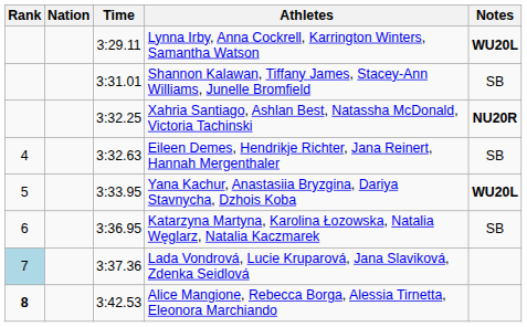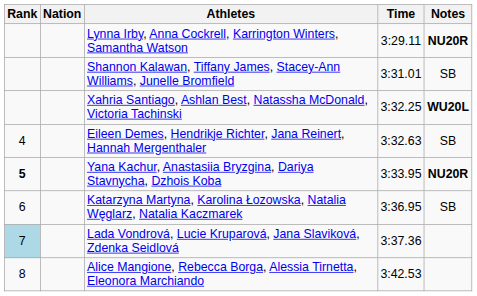 <table class="wikitable sortable" style="text-align:center">
 <tr>
 <th>Rank</th>
 <th>Nation</th>
+<th>Athletes</th>
 <th>Time</th>
-<th>Athletes</th>
 <th>Notes</th>
 </tr>
 <tr>
 <td></td>
 <td align=left></td>
+<td align=left><a href='#'>Lynna Irby</a>, <a href='#'>Anna Cockrell</a>, <a href='#'>Karrington Winters</a>, <a href='#'>Samantha Watson</a></td>
 <td>3:29.11</td>
-<td align=left><a href='#'>Lynna Irby</a>, <a href='#'>Anna Cockrell</a>, <a href='#'>Karrington Winters</a>, <a href='#'>Samantha Watson</a></td>
-<td><strong>WU20L</strong></td>
+<td><strong>NU20R</strong></td>
 </tr>
 <tr>
 <td></td>
 <td align=left></td>
+<td align=left><a href='#'>Shannon Kalawan</a>, <a href='#'>Tiffany James</a>, <a href='#'>Stacey-Ann Williams</a>, <a href='#'>Junelle Bromfield</a></td>
 <td>3:31.01</td>
-<td align=left><a href='#'>Shannon Kalawan</a>, <a href='#'>Tiffany James</a>, <a href='#'>Stacey-Ann Williams</a>, <a href='#'>Junelle Bromfield</a></td>
 <td>SB</td>
 </tr>
 <tr>
 <td></td>
 <td align=left></td>
+<td align=left><a href='#'>Xahria Santiago</a>, <a href='#'>Ashlan Best</a>, <a href='#'>Natassha McDonald</a>, <a href='#'>Victoria Tachinski</a></td>
 <td>3:32.25</td>
-<td align=left><a href='#'>Xahria Santiago</a>, <a href='#'>Ashlan Best</a>, <a href='#'>Natassha McDonald</a>, <a href='#'>Victoria Tachinski</a></td>
-<td><strong>NU20R</strong></td>
+<td><strong>WU20L</strong></td>
 </tr>
 <tr>
 <td>4</td>
 <td align=left></td>
+<td align=left><a href='#'>Eileen Demes</a>, <a href='#'>Hendrikje Richter</a>, <a href='#'>Jana Reinert</a>, <a href='#'>Hannah Mergenthaler</a></td>
 <td>3:32.63</td>
-<td align=left><a href='#'>Eileen Demes</a>, <a href='#'>Hendrikje Richter</a>, <a href='#'>Jana Reinert</a>, <a href='#'>Hannah Mergenthaler</a></td>
 <td>SB</td>
 </tr>
 <tr>
-<td>5</td>
+<td><strong>5</strong></td>
 <td align=left></td>
+<td align=left><a href='#'>Yana Kachur</a>, <a href='#'>Anastasiia Bryzgina</a>, <a href='#'>Dariya Stavnycha</a>, <a href='#'>Dzhois Koba</a></td>
 <td>3:33.95</td>
-<td align=left><a href='#'>Yana Kachur</a>, <a href='#'>Anastasiia Bryzgina</a>, <a href='#'>Dariya Stavnycha</a>, <a href='#'>Dzhois Koba</a></td>
-<td><strong>WU20L</strong></td>
+<td><strong>NU20R</strong></td>
 </tr>
 <tr>
 <td>6</td>
 <td align=left></td>
+<td align=left><a href='#'>Katarzyna Martyna</a>, <a href='#'>Karolina Łozowska</a>, <a href='#'>Natalia Węglarz</a>, <a href='#'>Natalia Kaczmarek</a></td>
 <td>3:36.95</td>
-<td align=left><a href='#'>Katarzyna Martyna</a>, <a href='#'>Karolina Łozowska</a>, <a href='#'>Natalia Węglarz</a>, <a href='#'>Natalia Kaczmarek</a></td>
 <td>SB</td>
 </tr>
 <tr>
 <td style="background: lightblue;">7</td>
 <td align=left></td>
+<td align=left><a href='#'>Lada Vondrová</a>, <a href='#'>Lucie Kruparová</a>, <a href='#'>Jana Slaviková</a>, <a href='#'>Zdenka Seidlová</a></td>
 <td>3:37.36</td>
-<td align=left><a href='#'>Lada Vondrová</a>, <a href='#'>Lucie Kruparová</a>, <a href='#'>Jana Slaviková</a>, <a href='#'>Zdenka Seidlová</a></td>
 <td></td>
 </tr>
 <tr>
-<td><strong>8</strong></td>
+<td>8</td>
 <td align=left></td>
+<td align=left><a href='#'>Alice Mangione</a>, <a href='#'>Rebecca Borga</a>, <a href='#'>Alessia Tirnetta</a>, <a href='#'>Eleonora Marchiando</a></td>
 <td>3:42.53</td>
-<td align=left><a href='#'>Alice Mangione</a>, <a href='#'>Rebecca Borga</a>, <a href='#'>Alessia Tirnetta</a>, <a href='#'>Eleonora Marchiando</a></td>
 <td></td>
 </tr>
 </table>
